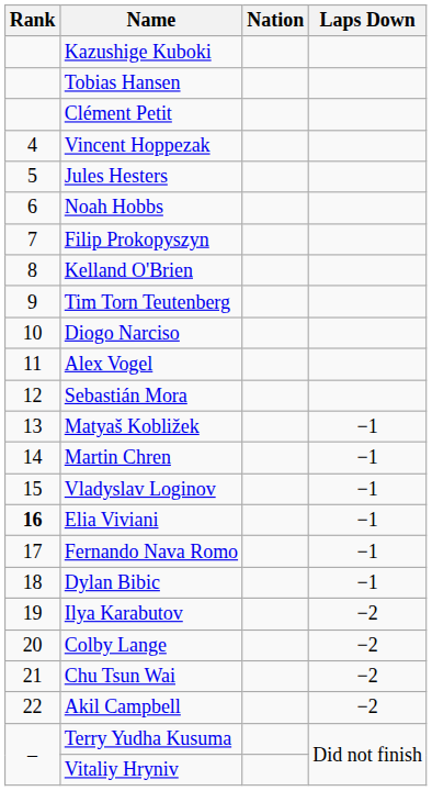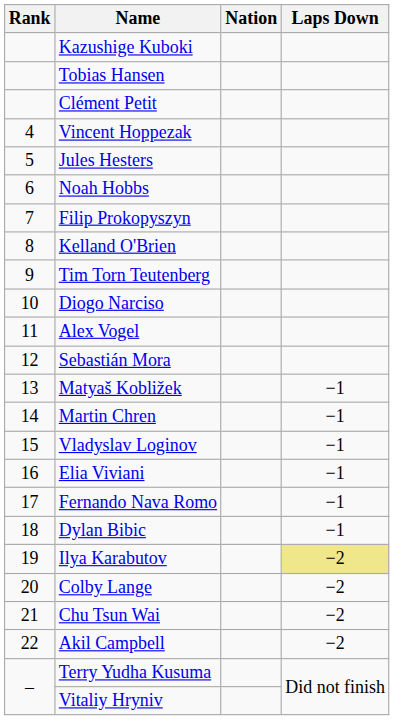 <table class="wikitable sortable" style="text-align:center">
 <tr>
 <th>Rank</th>
 <th>Name</th>
 <th>Nation</th>
 <th>Laps Down</th>
 </tr>
 <tr>
 <td></td>
 <td align=left><a href='#'>Kazushige Kuboki</a></td>
 <td align=left></td>
 <td></td>
 </tr>
 <tr>
 <td></td>
 <td align=left><a href='#'>Tobias Hansen</a></td>
 <td align=left></td>
 <td></td>
 </tr>
 <tr>
 <td></td>
 <td align=left><a href='#'>Clément Petit</a></td>
 <td align=left></td>
 <td></td>
 </tr>
 <tr>
 <td>4</td>
 <td align=left><a href='#'>Vincent Hoppezak</a></td>
 <td align=left></td>
 <td></td>
 </tr>
 <tr>
 <td>5</td>
 <td align=left><a href='#'>Jules Hesters</a></td>
 <td align=left></td>
 <td></td>
 </tr>
 <tr>
 <td>6</td>
 <td align=left><a href='#'>Noah Hobbs</a></td>
 <td align=left></td>
 <td></td>
 </tr>
 <tr>
 <td>7</td>
 <td align=left><a href='#'>Filip Prokopyszyn</a></td>
 <td align=left></td>
 <td></td>
 </tr>
 <tr>
 <td>8</td>
 <td align=left><a href='#'>Kelland O'Brien</a></td>
 <td align=left></td>
 <td></td>
 </tr>
 <tr>
 <td>9</td>
 <td align=left><a href='#'>Tim Torn Teutenberg</a></td>
 <td align=left></td>
 <td></td>
 </tr>
 <tr>
 <td>10</td>
 <td align=left><a href='#'>Diogo Narciso</a></td>
 <td align=left></td>
 <td></td>
 </tr>
 <tr>
 <td>11</td>
 <td align=left><a href='#'>Alex Vogel</a></td>
 <td align=left></td>
 <td></td>
 </tr>
 <tr>
 <td>12</td>
 <td align=left><a href='#'>Sebastián Mora</a></td>
 <td align=left></td>
 <td></td>
 </tr>
 <tr>
 <td>13</td>
 <td align=left><a href='#'>Matyaš Kobližek</a></td>
 <td align=left></td>
 <td>−1</td>
 </tr>
 <tr>
 <td>14</td>
 <td align=left><a href='#'>Martin Chren</a></td>
 <td align=left></td>
 <td>−1</td>
 </tr>
 <tr>
 <td>15</td>
 <td align=left><a href='#'>Vladyslav Loginov</a></td>
 <td align=left></td>
 <td>−1</td>
 </tr>
 <tr>
-<td><strong>16</strong></td>
+<td>16</td>
 <td align=left><a href='#'>Elia Viviani</a></td>
 <td align=left></td>
 <td>−1</td>
 </tr>
 <tr>
 <td>17</td>
 <td align=left><a href='#'>Fernando Nava Romo</a></td>
 <td align=left></td>
 <td>−1</td>
 </tr>
 <tr>
 <td>18</td>
 <td align=left><a href='#'>Dylan Bibic</a></td>
 <td align=left></td>
 <td>−1</td>
 </tr>
 <tr>
 <td>19</td>
 <td align=left><a href='#'>Ilya Karabutov</a></td>
 <td align=left></td>
-<td>−2</td>
+<td style="background: khaki;">−2</td>
 </tr>
 <tr>
 <td>20</td>
 <td align=left><a href='#'>Colby Lange</a></td>
 <td align=left></td>
 <td>−2</td>
 </tr>
 <tr>
 <td>21</td>
 <td align=left><a href='#'>Chu Tsun Wai</a></td>
 <td align=left></td>
 <td>−2</td>
 </tr>
 <tr>
 <td>22</td>
 <td align=left><a href='#'>Akil Campbell</a></td>
 <td align=left></td>
 <td>−2</td>
 </tr>
 <tr>
 <td rowspan=2>–</td>
 <td align=left><a href='#'>Terry Yudha Kusuma</a></td>
 <td align=left></td>
 <td rowspan=2>Did not finish</td>
 </tr>
 <tr>
 <td align=left><a href='#'>Vitaliy Hryniv</a></td>
 <td align=left></td>
 </tr>
 </table>
